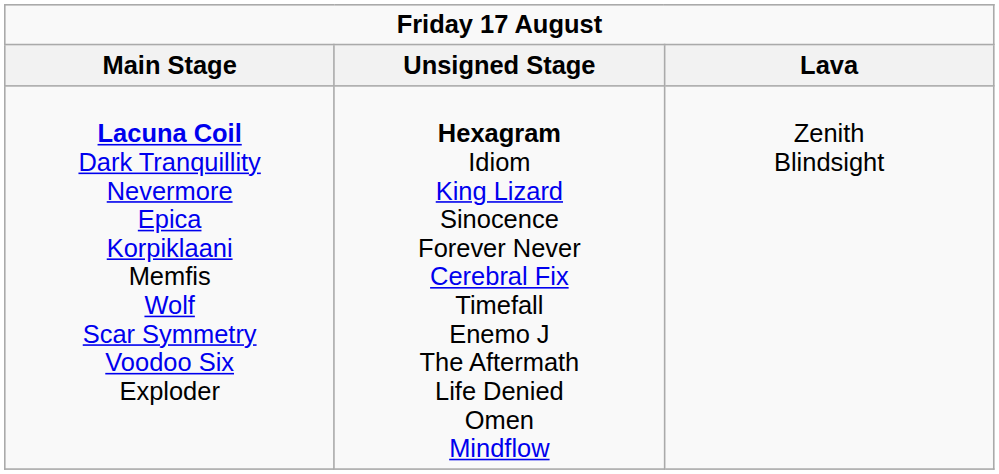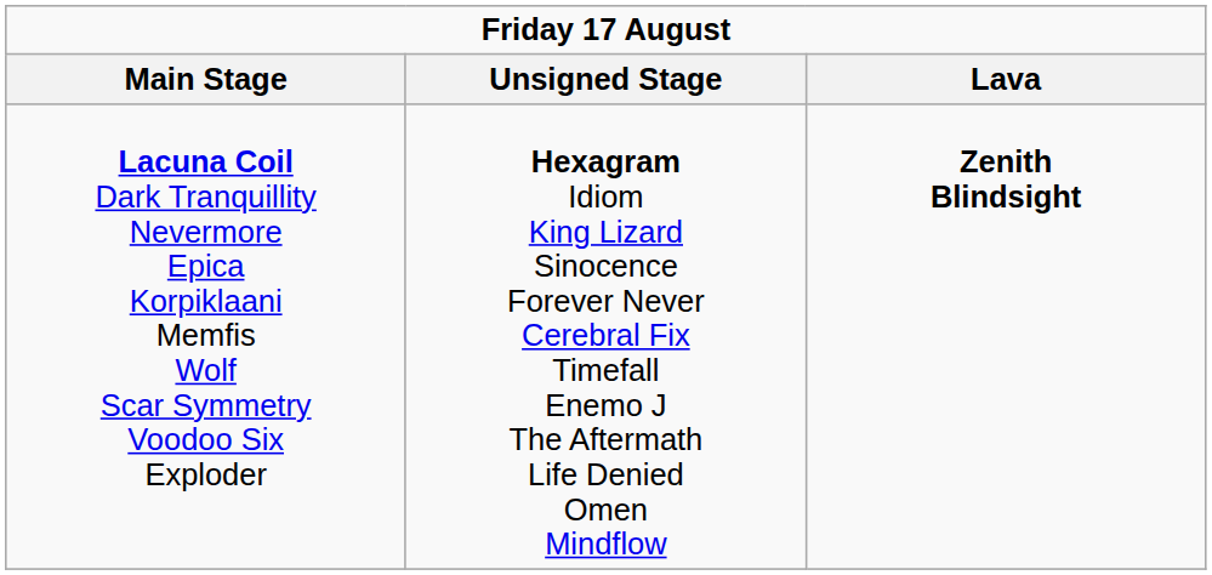 <table class="wikitable">
 <tr>
 <td colspan="3" align="center"><strong>Friday 17 August</strong></td>
 </tr>
 <tr>
 <th>Main Stage</th>
 <th>Unsigned Stage</th>
 <th>Lava</th>
 </tr>
 <tr>
 <td valign="top" align="center" width=200><br><strong><a href='#'>Lacuna Coil</a></strong><br> <a href='#'>Dark Tranquillity</a><br> <a href='#'>Nevermore</a><br> <a href='#'>Epica</a><br> <a href='#'>Korpiklaani</a><br> Memfis<br> <a href='#'>Wolf</a><br> <a href='#'>Scar Symmetry</a><br> <a href='#'>Voodoo Six</a><br> Exploder<br></td>
 <td valign="top" align="center" width=200><br><strong>Hexagram</strong><br> Idiom<br> <a href='#'>King Lizard</a><br> Sinocence<br> Forever Never<br> <a href='#'>Cerebral Fix</a><br> Timefall<br> Enemo J<br> The Aftermath<br> Life Denied<br> Omen<br> <a href='#'>Mindflow</a><br></td>
-<td valign="top" align="center" width=200><br>Zenith<br> Blindsight</td>
+<td valign="top" align="center" width=200><strong><br>Zenith<br> Blindsight</strong></td>
 </tr>
 </table>
